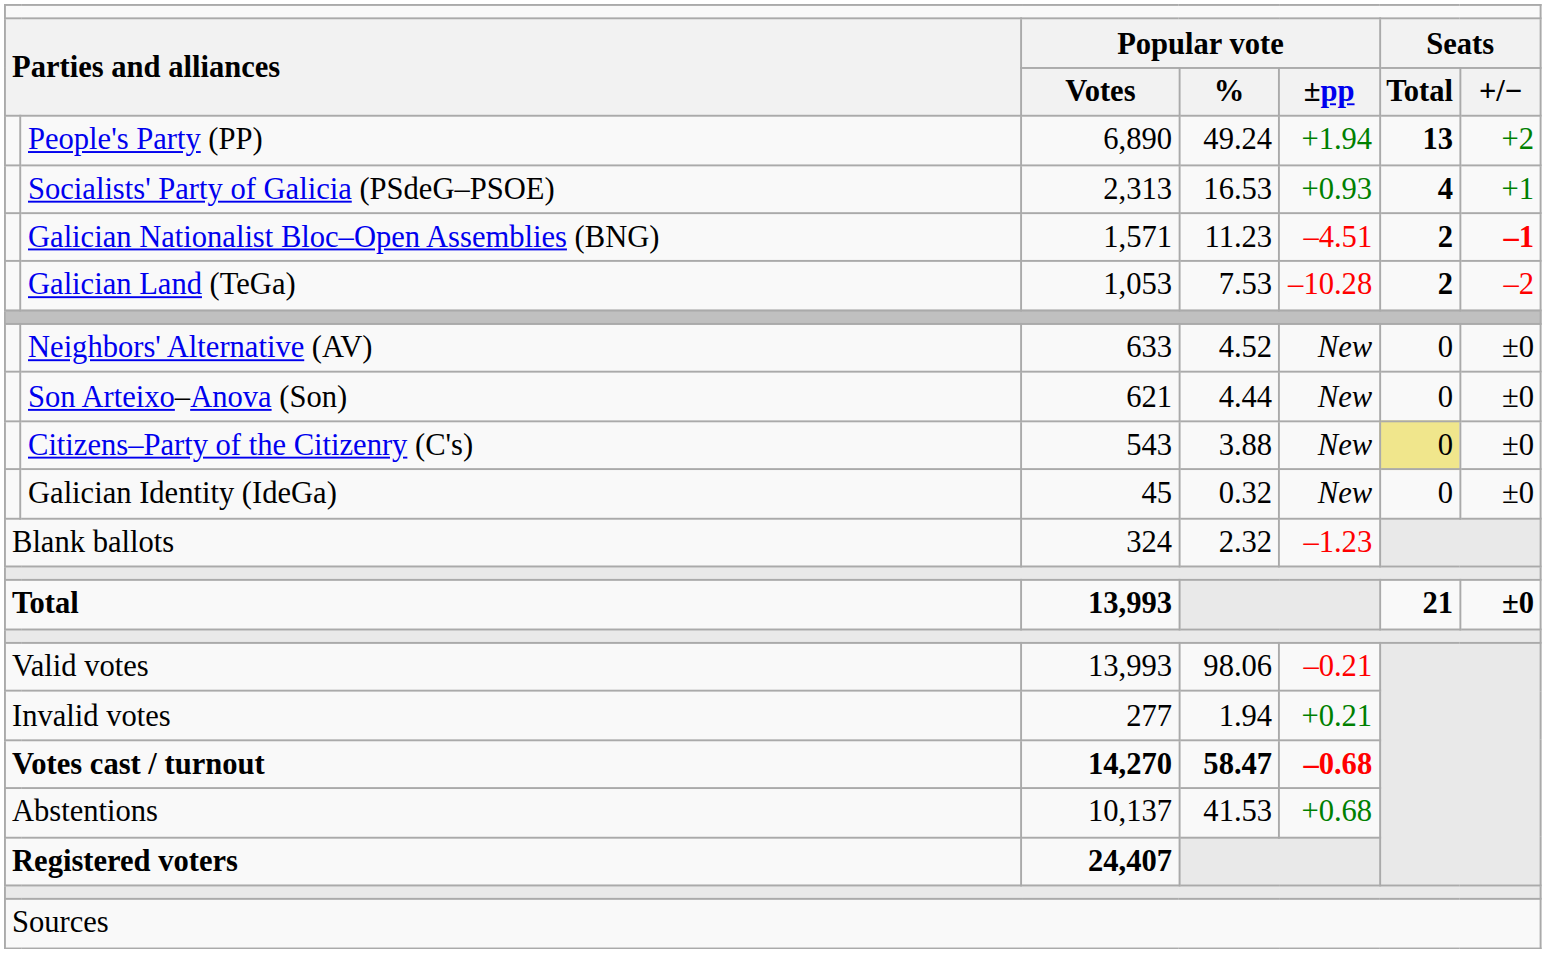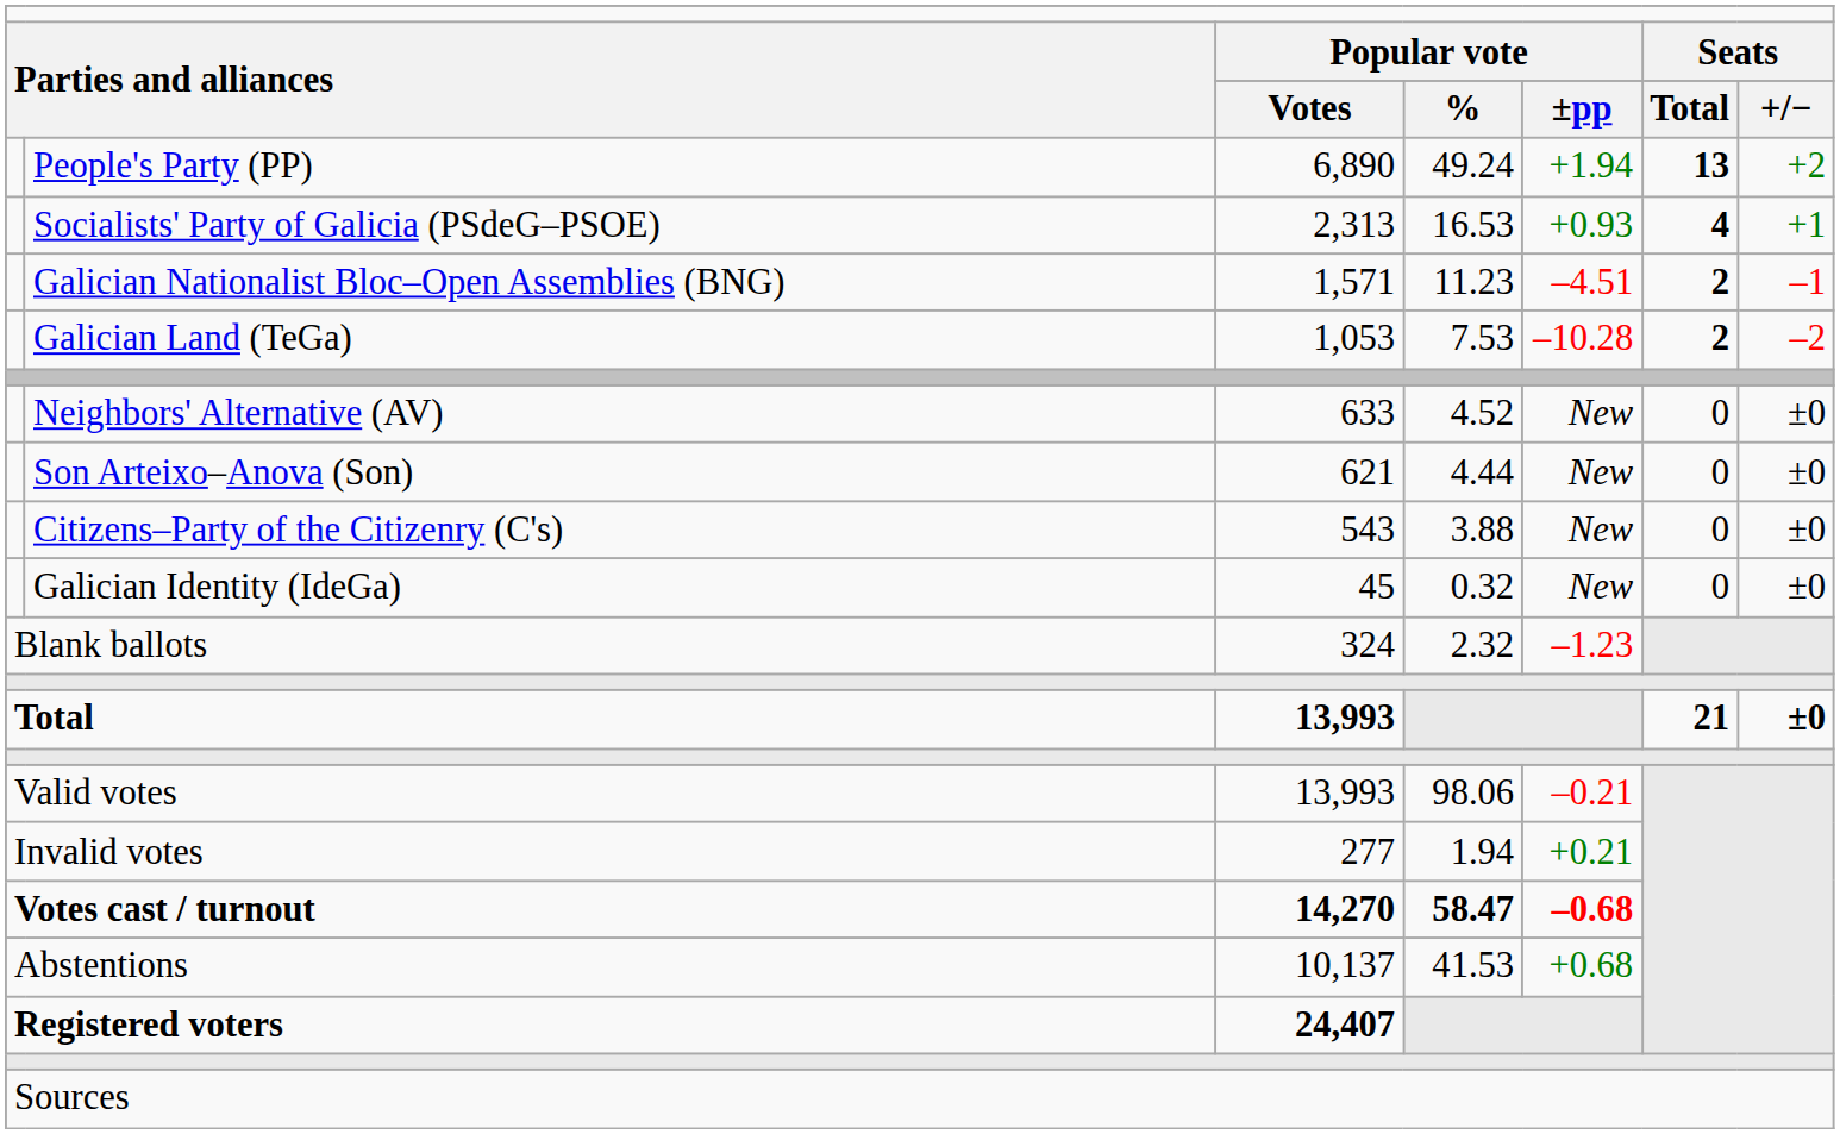 <table class="wikitable" style="text-align:right;">
 <tr>
 <td colspan="7"></td>
 </tr>
 <tr>
 <th style="text-align:left;" rowspan="2" colspan="2" width="525">Parties and alliances</th>
 <th colspan="3">Popular vote</th>
 <th colspan="2">Seats</th>
 </tr>
 <tr>
 <th width="75">Votes</th>
 <th width="45">%</th>
 <th width="45">±<a href='#'>pp</a></th>
 <th width="35">Total</th>
 <th width="35">+/−</th>
 </tr>
 <tr>
 <td width="1" style="color:inherit;background:"></td>
 <td align="left"><a href='#'>People's Party</a> (PP)</td>
 <td>6,890</td>
 <td>49.24</td>
 <td style="color:green;">+1.94</td>
 <td><strong>13</strong></td>
 <td style="color:green;">+2</td>
 </tr>
 <tr>
 <td style="color:inherit;background:"></td>
 <td align="left"><a href='#'>Socialists' Party of Galicia</a> (PSdeG–PSOE)</td>
 <td>2,313</td>
 <td>16.53</td>
 <td style="color:green;">+0.93</td>
 <td><strong>4</strong></td>
 <td style="color:green;">+1</td>
 </tr>
 <tr>
 <td style="color:inherit;background:"></td>
 <td align="left"><a href='#'>Galician Nationalist Bloc–Open Assemblies</a> (BNG)</td>
 <td>1,571</td>
 <td>11.23</td>
 <td style="color:red;">–4.51</td>
 <td><strong>2</strong></td>
-<td style="color:red;"><strong>–1</strong></td>
+<td style="color:red;">–1</td>
 </tr>
 <tr>
 <td style="color:inherit;background:"></td>
 <td align="left"><a href='#'>Galician Land</a> (TeGa)</td>
 <td>1,053</td>
 <td>7.53</td>
 <td style="color:red;">–10.28</td>
 <td><strong>2</strong></td>
 <td style="color:red;">–2</td>
 </tr>
 <tr>
 <td colspan="7" bgcolor="#C0C0C0"></td>
 </tr>
 <tr>
 <td style="color:inherit;background:"></td>
 <td align="left"><a href='#'>Neighbors' Alternative</a> (AV)</td>
 <td>633</td>
 <td>4.52</td>
 <td><em>New</em></td>
 <td>0</td>
 <td>±0</td>
 </tr>
 <tr>
 <td style="color:inherit;background:"></td>
 <td align="left"><a href='#'>Son Arteixo</a>–<a href='#'>Anova</a> (Son)</td>
 <td>621</td>
 <td>4.44</td>
 <td><em>New</em></td>
 <td>0</td>
 <td>±0</td>
 </tr>
 <tr>
 <td style="color:inherit;background:"></td>
 <td align="left"><a href='#'>Citizens–Party of the Citizenry</a> (C's)</td>
 <td>543</td>
 <td>3.88</td>
 <td><em>New</em></td>
-<td style="background: khaki;">0</td>
+<td>0</td>
 <td>±0</td>
 </tr>
 <tr>
 <td style="color:inherit;background:"></td>
 <td align="left">Galician Identity (IdeGa)</td>
 <td>45</td>
 <td>0.32</td>
 <td><em>New</em></td>
 <td>0</td>
 <td>±0</td>
 </tr>
 <tr>
 <td align="left" colspan="2">Blank ballots</td>
 <td>324</td>
 <td>2.32</td>
 <td style="color:red;">–1.23</td>
 <td bgcolor="#E9E9E9" colspan="2"></td>
 </tr>
 <tr>
 <td colspan="7" bgcolor="#E9E9E9"></td>
 </tr>
 <tr style="font-weight:bold;">
 <td align="left" colspan="2">Total</td>
 <td>13,993</td>
 <td bgcolor="#E9E9E9" colspan="2"></td>
 <td>21</td>
 <td>±0</td>
 </tr>
 <tr>
 <td colspan="7" bgcolor="#E9E9E9"></td>
 </tr>
 <tr>
 <td align="left" colspan="2">Valid votes</td>
 <td>13,993</td>
 <td>98.06</td>
 <td style="color:red;">–0.21</td>
 <td bgcolor="#E9E9E9" colspan="2" rowspan="5"></td>
 </tr>
 <tr>
 <td align="left" colspan="2">Invalid votes</td>
 <td>277</td>
 <td>1.94</td>
 <td style="color:green;">+0.21</td>
 </tr>
 <tr style="font-weight:bold;">
 <td align="left" colspan="2">Votes cast / turnout</td>
 <td>14,270</td>
 <td>58.47</td>
 <td style="color:red;">–0.68</td>
 </tr>
 <tr>
 <td align="left" colspan="2">Abstentions</td>
 <td>10,137</td>
 <td>41.53</td>
 <td style="color:green;">+0.68</td>
 </tr>
 <tr style="font-weight:bold;">
 <td align="left" colspan="2">Registered voters</td>
 <td>24,407</td>
 <td bgcolor="#E9E9E9" colspan="2"></td>
 </tr>
 <tr>
 <td colspan="7" bgcolor="#E9E9E9"></td>
 </tr>
 <tr>
 <td align="left" colspan="7">Sources</td>
 </tr>
 </table>
